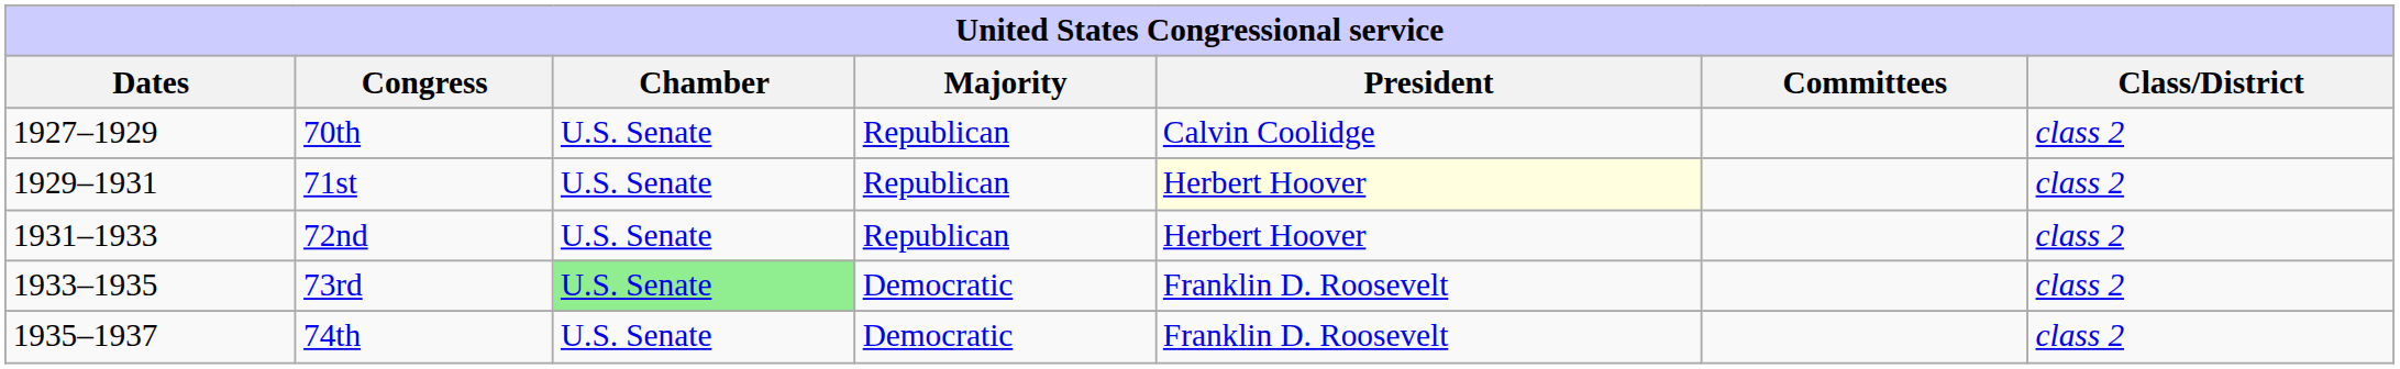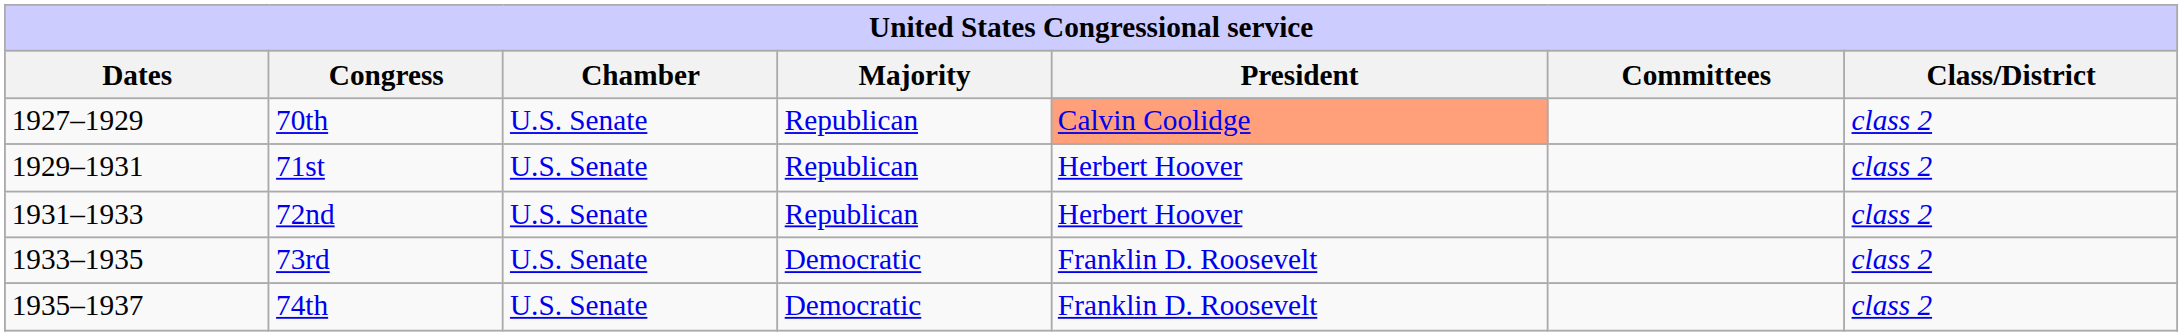 <table class=wikitable style="width: 94%" style="text-align: center;" align="center">
 <tr bgcolor=#cccccc>
 <th colspan=7 style="background: #ccccff;">United States Congressional service</th>
 </tr>
 <tr>
 <th><strong>Dates</strong></th>
 <th><strong>Congress</strong></th>
 <th><strong>Chamber</strong></th>
 <th><strong>Majority</strong></th>
 <th><strong>President</strong></th>
 <th><strong>Committees</strong></th>
 <th><strong>Class/District</strong></th>
 </tr>
 <tr>
 <td>1927–1929</td>
 <td><a href='#'>70th</a></td>
 <td><a href='#'>U.S. Senate</a></td>
 <td><a href='#'>Republican</a></td>
-<td><a href='#'>Calvin Coolidge</a></td>
+<td style="background: lightsalmon;"><a href='#'>Calvin Coolidge</a></td>
 <td></td>
 <td><a href='#'><em>class 2</em></a></td>
 </tr>
 <tr>
 <td>1929–1931</td>
 <td><a href='#'>71st</a></td>
 <td><a href='#'>U.S. Senate</a></td>
 <td><a href='#'>Republican</a></td>
-<td style="background: lightyellow;"><a href='#'>Herbert Hoover</a></td>
+<td><a href='#'>Herbert Hoover</a></td>
 <td></td>
 <td><a href='#'><em>class 2</em></a></td>
 </tr>
 <tr>
 <td>1931–1933</td>
 <td><a href='#'>72nd</a></td>
 <td><a href='#'>U.S. Senate</a></td>
 <td><a href='#'>Republican</a></td>
 <td><a href='#'>Herbert Hoover</a></td>
 <td></td>
 <td><a href='#'><em>class 2</em></a></td>
 </tr>
 <tr>
 <td>1933–1935</td>
 <td><a href='#'>73rd</a></td>
-<td style="background: lightgreen;"><a href='#'>U.S. Senate</a></td>
+<td><a href='#'>U.S. Senate</a></td>
 <td><a href='#'>Democratic</a></td>
 <td><a href='#'>Franklin D. Roosevelt</a></td>
 <td></td>
 <td><a href='#'><em>class 2</em></a></td>
 </tr>
 <tr>
 <td>1935–1937</td>
 <td><a href='#'>74th</a></td>
 <td><a href='#'>U.S. Senate</a></td>
 <td><a href='#'>Democratic</a></td>
 <td><a href='#'>Franklin D. Roosevelt</a></td>
 <td></td>
 <td><a href='#'><em>class 2</em></a></td>
 </tr>
 </table>
